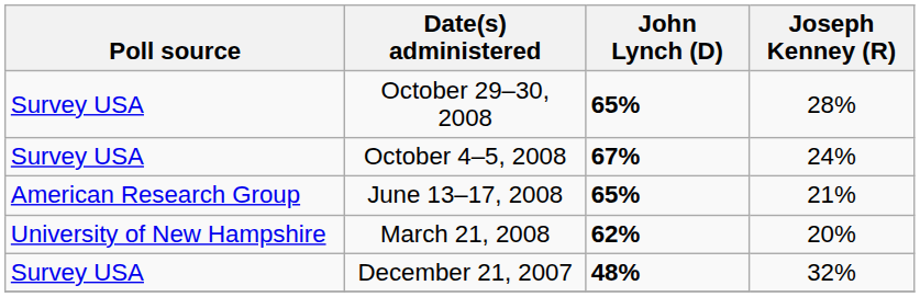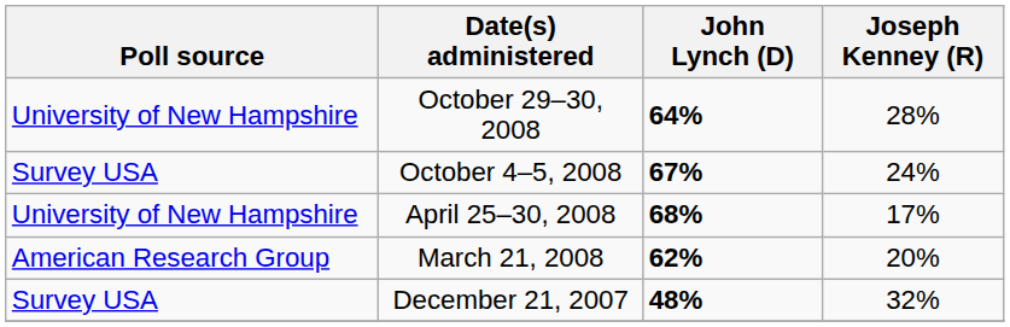 <table class="wikitable">
 <tr valign=bottom>
 <th style="width:215px;">Poll source</th>
 <th style="width:150px;">Date(s)<br>administered</th>
 <th style="width:100px;">John<br>Lynch (D)</th>
 <th style="width:100px;">Joseph<br>Kenney (R)</th>
 </tr>
 <tr>
-<td><a href='#'>Survey USA</a></td>
+<td><a href='#'>University of New Hampshire</a></td>
 <td align=center>October 29–30, 2008</td>
-<td><strong>65%</strong></td>
+<td><strong>64%</strong></td>
 <td align=center>28%</td>
 </tr>
 <tr>
 <td><a href='#'>Survey USA</a></td>
 <td align=center>October 4–5, 2008</td>
 <td><strong>67%</strong></td>
 <td align=center>24%</td>
 </tr>
 <tr>
-<td><a href='#'>American Research Group</a></td>
-<td align=center>June 13–17, 2008</td>
-<td><strong>65%</strong></td>
-<td align=center>21%</td>
+<td><a href='#'>University of New Hampshire</a></td>
+<td align=center>April 25–30, 2008</td>
+<td><strong>68%</strong></td>
+<td align=center>17%</td>
 </tr>
 <tr>
-<td><a href='#'>University of New Hampshire</a></td>
+<td><a href='#'>American Research Group</a></td>
 <td align=center>March 21, 2008</td>
 <td><strong>62%</strong></td>
 <td align=center>20%</td>
 </tr>
 <tr>
 <td><a href='#'>Survey USA</a></td>
 <td align=center>December 21, 2007</td>
 <td><strong>48%</strong></td>
 <td align=center>32%</td>
 </tr>
 <tr>
 </tr>
 </table>
